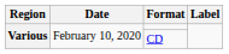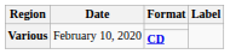 <table class="wikitable plainrowheaders">
 <tr>
 <th>Region</th>
 <th>Date</th>
 <th>Format</th>
 <th>Label</th>
 </tr>
 <tr>
 <th scope="row" rowspan="2">Various</th>
 <td rowspan="2">February 10, 2020</td>
 <td></td>
 <td rowspan="2"></td>
 </tr>
 <tr>
-<td><a href='#'>CD</a></td>
+<td><strong><a href='#'>CD</a></strong></td>
 </tr>
 </table>
